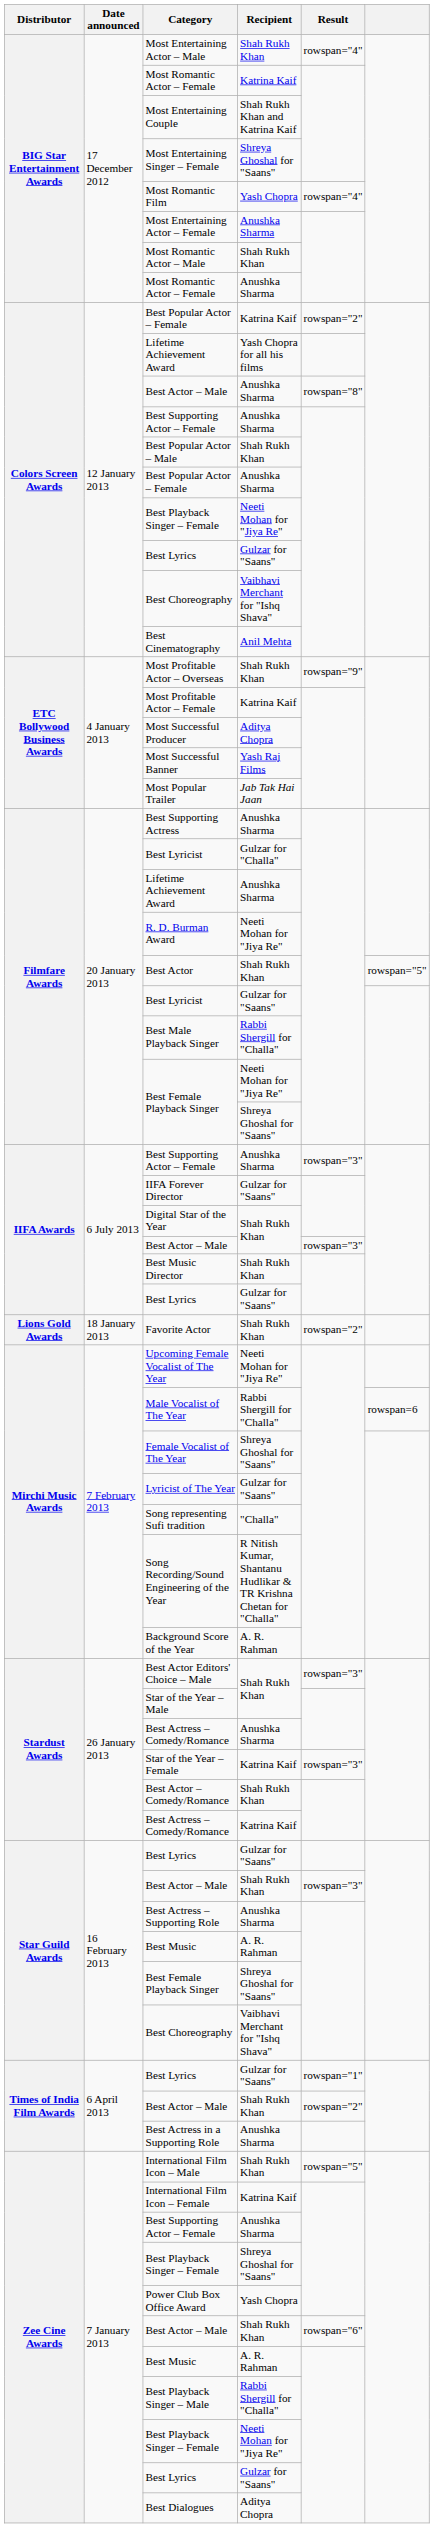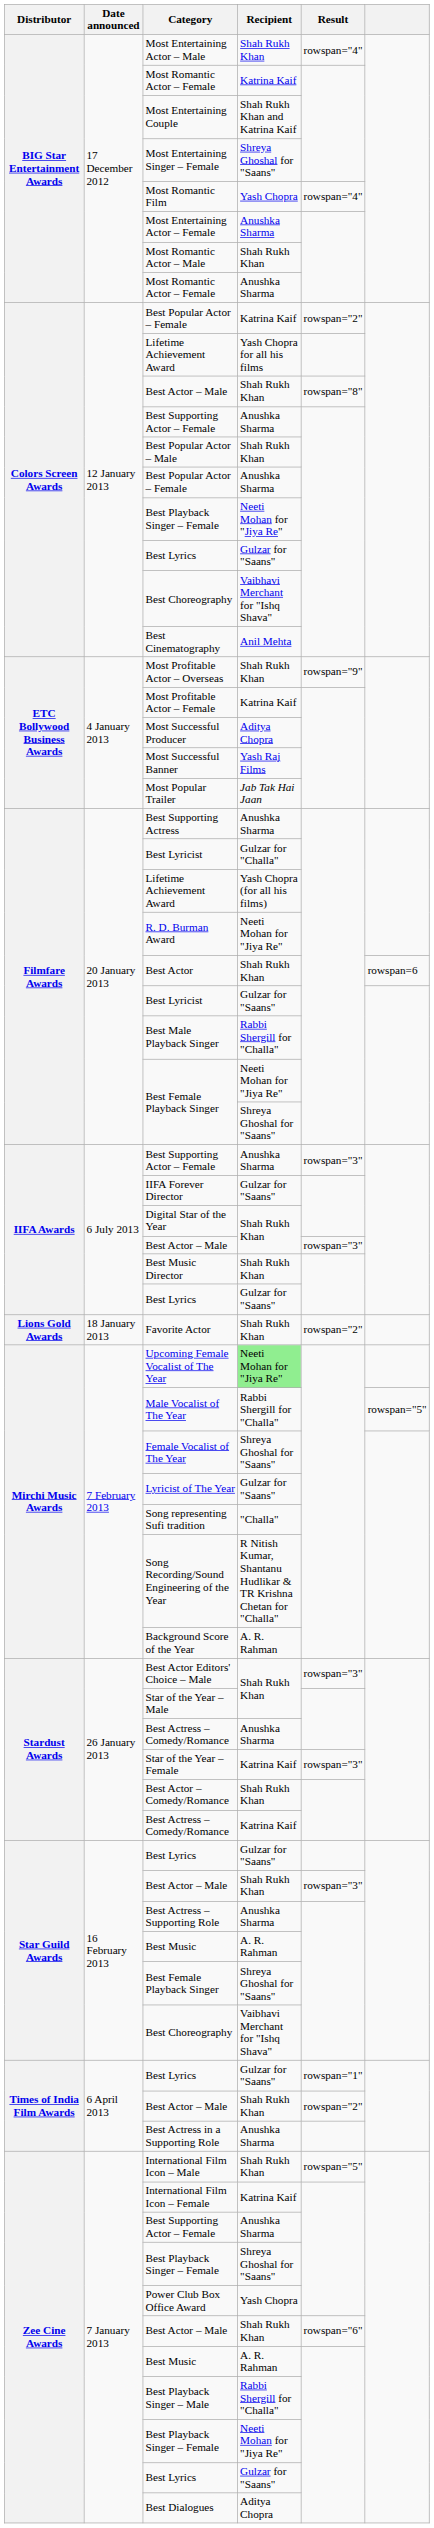 <table class="wikitable mw-collapsible plainrowheaders" >
 <tr>
 <th scope="col">Distributor</th>
 <th scope="col">Date announced</th>
 <th scope="col">Category</th>
 <th scope="col">Recipient</th>
 <th scope="col">Result</th>
 <th scope="col"></th>
 </tr>
 <tr>
 <th scope="row" rowspan="8"><a href='#'>BIG Star Entertainment Awards</a></th>
 <td rowspan="8">17 December 2012</td>
 <td>Most Entertaining Actor – Male</td>
 <td><a href='#'>Shah Rukh Khan</a></td>
 <td>rowspan="4" </td>
 <td style="text-align:center" rowspan="8"></td>
 </tr>
 <tr>
 <td>Most Romantic Actor – Female</td>
 <td><a href='#'>Katrina Kaif</a></td>
 </tr>
 <tr>
 <td>Most Entertaining Couple</td>
 <td>Shah Rukh Khan and Katrina Kaif</td>
 </tr>
 <tr>
 <td>Most Entertaining Singer – Female</td>
 <td><a href='#'>Shreya Ghoshal</a> for "Saans"</td>
 </tr>
 <tr>
 <td>Most Romantic Film</td>
 <td><a href='#'>Yash Chopra</a></td>
 <td>rowspan="4" </td>
 </tr>
 <tr>
 <td>Most Entertaining Actor – Female</td>
 <td><a href='#'>Anushka Sharma</a></td>
 </tr>
 <tr>
 <td>Most Romantic Actor – Male</td>
 <td>Shah Rukh Khan</td>
 </tr>
 <tr>
 <td>Most Romantic Actor – Female</td>
 <td>Anushka Sharma</td>
 </tr>
 <tr>
 <th scope="row" rowspan="10"><a href='#'>Colors Screen Awards</a></th>
 <td rowspan="10">12 January 2013</td>
 <td>Best Popular Actor – Female</td>
 <td>Katrina Kaif</td>
 <td>rowspan="2" </td>
 <td rowspan="10" style="text-align:center"></td>
 </tr>
 <tr>
 <td>Lifetime Achievement Award</td>
 <td>Yash Chopra for all his films</td>
 </tr>
 <tr>
 <td>Best Actor – Male</td>
-<td>Anushka Sharma</td>
+<td>Shah Rukh Khan</td>
 <td>rowspan="8" </td>
 </tr>
 <tr>
 <td>Best Supporting Actor – Female</td>
 <td>Anushka Sharma</td>
 </tr>
 <tr>
 <td>Best Popular Actor – Male</td>
 <td>Shah Rukh Khan</td>
 </tr>
 <tr>
 <td>Best Popular Actor – Female</td>
 <td>Anushka Sharma</td>
 </tr>
 <tr>
 <td>Best Playback Singer – Female</td>
 <td><a href='#'>Neeti Mohan</a> for "<a href='#'>Jiya Re</a>"</td>
 </tr>
 <tr>
 <td>Best Lyrics</td>
 <td><a href='#'>Gulzar</a> for "Saans"</td>
 </tr>
 <tr>
 <td>Best Choreography</td>
 <td><a href='#'>Vaibhavi Merchant</a> for "Ishq Shava"</td>
 </tr>
 <tr>
 <td>Best Cinematography</td>
 <td><a href='#'>Anil Mehta</a></td>
 </tr>
 <tr>
 <th scope="row" rowspan="5"><a href='#'>ETC Bollywood Business Awards</a></th>
 <td rowspan="5">4 January 2013</td>
 <td>Most Profitable Actor – Overseas</td>
 <td>Shah Rukh Khan</td>
 <td>rowspan="9" </td>
 <td rowspan="5" style="text-align:center"></td>
 </tr>
 <tr>
 <td>Most Profitable Actor – Female</td>
 <td>Katrina Kaif</td>
 </tr>
 <tr>
 <td>Most Successful Producer</td>
 <td><a href='#'>Aditya Chopra</a></td>
 </tr>
 <tr>
 <td>Most Successful Banner</td>
 <td><a href='#'>Yash Raj Films</a></td>
 </tr>
 <tr>
 <td>Most Popular Trailer</td>
 <td><em>Jab Tak Hai Jaan</em></td>
 </tr>
 <tr>
 <th scope="row" rowspan="9"><a href='#'>Filmfare Awards</a></th>
 <td rowspan="9">20 January 2013</td>
 <td>Best Supporting Actress</td>
 <td>Anushka Sharma</td>
 <td rowspan="9" style="text-align:center"></td>
 </tr>
 <tr>
 <td>Best Lyricist</td>
 <td>Gulzar for "Challa"</td>
 </tr>
 <tr>
 <td>Lifetime Achievement Award</td>
-<td>Anushka Sharma</td>
+<td>Yash Chopra (for all his films)</td>
 </tr>
 <tr>
 <td><a href='#'>R. D. Burman</a> Award</td>
 <td>Neeti Mohan for "Jiya Re"</td>
 </tr>
 <tr>
 <td>Best Actor</td>
 <td>Shah Rukh Khan</td>
-<td>rowspan="5" </td>
+<td>rowspan=6 </td>
 </tr>
 <tr>
 <td>Best Lyricist</td>
 <td>Gulzar for "Saans"</td>
 </tr>
 <tr>
 <td>Best Male Playback Singer</td>
 <td><a href='#'>Rabbi Shergill</a> for "Challa"</td>
 </tr>
 <tr>
 <td rowspan="2">Best Female Playback Singer</td>
 <td>Neeti Mohan for "Jiya Re"</td>
 </tr>
 <tr>
 <td>Shreya Ghoshal for "Saans"</td>
 </tr>
 <tr>
 <th scope="row" rowspan="6"><a href='#'>IIFA Awards</a></th>
 <td rowspan="6">6 July 2013</td>
 <td>Best Supporting Actor – Female</td>
 <td>Anushka Sharma</td>
 <td>rowspan="3" </td>
 <td rowspan="6" style="text-align:center"></td>
 </tr>
 <tr>
 <td>IIFA Forever Director</td>
 <td>Gulzar for "Saans"</td>
 </tr>
 <tr>
 <td>Digital Star of the Year</td>
 <td rowspan="2">Shah Rukh Khan</td>
 </tr>
 <tr>
 <td>Best Actor – Male</td>
 <td>rowspan="3" </td>
 </tr>
 <tr>
 <td>Best Music Director</td>
 <td>Shah Rukh Khan</td>
 </tr>
 <tr>
 <td>Best Lyrics</td>
 <td>Gulzar for "Saans"</td>
 </tr>
 <tr>
 <th scope="row"><a href='#'>Lions Gold Awards</a></th>
 <td>18 January 2013</td>
 <td>Favorite Actor</td>
 <td>Shah Rukh Khan</td>
 <td>rowspan="2" </td>
 <td style="text-align:center"></td>
 </tr>
 <tr>
 <th scope="row" rowspan="7"><a href='#'>Mirchi Music Awards</a></th>
 <td rowspan="7"><a href='#'>7 February 2013</a></td>
 <td><a href='#'>Upcoming Female Vocalist of The Year</a></td>
-<td>Neeti Mohan for "Jiya Re"</td>
+<td style="background: lightgreen;">Neeti Mohan for "Jiya Re"</td>
 <td rowspan="7" style="text-align:center"></td>
 </tr>
 <tr>
 <td><a href='#'>Male Vocalist of The Year</a></td>
 <td>Rabbi Shergill for "Challa"</td>
-<td>rowspan=6 </td>
+<td>rowspan="5" </td>
 </tr>
 <tr>
 <td><a href='#'>Female Vocalist of The Year</a></td>
 <td>Shreya Ghoshal for "Saans"</td>
 </tr>
 <tr>
 <td><a href='#'>Lyricist of The Year</a></td>
 <td>Gulzar for "Saans"</td>
 </tr>
 <tr>
 <td>Song representing Sufi tradition</td>
 <td>"Challa"</td>
 </tr>
 <tr>
 <td>Song Recording/Sound Engineering of the Year</td>
 <td>R Nitish Kumar, Shantanu Hudlikar & TR Krishna Chetan for "Challa"</td>
 </tr>
 <tr>
 <td>Background Score of the Year</td>
 <td>A. R. Rahman</td>
 </tr>
 <tr>
 <th scope="row" rowspan="6"><a href='#'>Stardust Awards</a></th>
 <td rowspan="6">26 January 2013</td>
 <td>Best Actor Editors' Choice – Male</td>
 <td rowspan="2">Shah Rukh Khan</td>
 <td>rowspan="3" </td>
 <td rowspan="6" style="text-align:center"></td>
 </tr>
 <tr>
 <td>Star of the Year – Male</td>
 </tr>
 <tr>
 <td>Best Actress – Comedy/Romance</td>
 <td>Anushka Sharma</td>
 </tr>
 <tr>
 <td>Star of the Year – Female</td>
 <td>Katrina Kaif</td>
 <td>rowspan="3" </td>
 </tr>
 <tr>
 <td>Best Actor – Comedy/Romance</td>
 <td>Shah Rukh Khan</td>
 </tr>
 <tr>
 <td>Best Actress – Comedy/Romance</td>
 <td>Katrina Kaif</td>
 </tr>
 <tr>
 <th scope="row" rowspan="6"><a href='#'>Star Guild Awards</a></th>
 <td rowspan="6">16 February 2013</td>
 <td>Best Lyrics</td>
 <td>Gulzar for "Saans"</td>
 <td></td>
 <td rowspan="6"></td>
 </tr>
 <tr>
 <td>Best Actor – Male</td>
 <td>Shah Rukh Khan</td>
 <td>rowspan="3" </td>
 </tr>
 <tr>
 <td>Best Actress – Supporting Role</td>
 <td>Anushka Sharma</td>
 </tr>
 <tr>
 <td>Best Music</td>
 <td>A. R. Rahman</td>
 </tr>
 <tr>
 <td>Best Female Playback Singer</td>
 <td>Shreya Ghoshal for "Saans"</td>
 </tr>
 <tr>
 <td>Best Choreography</td>
 <td>Vaibhavi Merchant for "Ishq Shava"</td>
 </tr>
 <tr>
 <th scope="row" rowspan="3"><a href='#'>Times of India Film Awards</a></th>
 <td rowspan="3">6 April 2013</td>
 <td>Best Lyrics</td>
 <td>Gulzar for "Saans"</td>
 <td>rowspan="1" </td>
 <td rowspan="3" style="text-align:center"></td>
 </tr>
 <tr>
 <td>Best Actor – Male</td>
 <td>Shah Rukh Khan</td>
 <td>rowspan="2" </td>
 </tr>
 <tr>
 <td>Best Actress in a Supporting Role</td>
 <td>Anushka Sharma</td>
 </tr>
 <tr>
 <th scope="row" rowspan="11"><a href='#'>Zee Cine Awards</a></th>
 <td rowspan="11">7 January 2013</td>
 <td>International Film Icon – Male</td>
 <td>Shah Rukh Khan</td>
 <td>rowspan="5" </td>
 <td rowspan="11" style="text-align:center"></td>
 </tr>
 <tr>
 <td>International Film Icon – Female</td>
 <td>Katrina Kaif</td>
 </tr>
 <tr>
 <td>Best Supporting Actor – Female</td>
 <td>Anushka Sharma</td>
 </tr>
 <tr>
 <td>Best Playback Singer – Female</td>
 <td>Shreya Ghoshal for "Saans"</td>
 </tr>
 <tr>
 <td>Power Club Box Office Award</td>
 <td>Yash Chopra</td>
 </tr>
 <tr>
 <td>Best Actor – Male</td>
 <td>Shah Rukh Khan</td>
 <td>rowspan="6" </td>
 </tr>
 <tr>
 <td>Best Music</td>
 <td>A. R. Rahman</td>
 </tr>
 <tr>
 <td>Best Playback Singer – Male</td>
 <td><a href='#'>Rabbi Shergill</a> for "Challa"</td>
 </tr>
 <tr>
 <td>Best Playback Singer – Female</td>
 <td><a href='#'>Neeti Mohan</a> for "Jiya Re"</td>
 </tr>
 <tr>
 <td>Best Lyrics</td>
 <td><a href='#'>Gulzar</a> for "Saans"</td>
 </tr>
 <tr>
 <td>Best Dialogues</td>
 <td>Aditya Chopra</td>
 </tr>
 </table>
